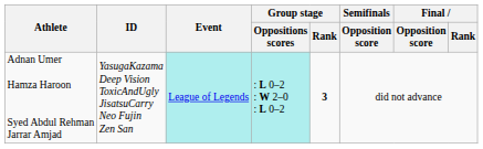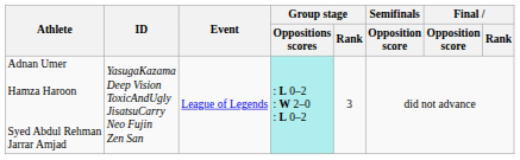 <table class=wikitable style="font-size:90%; text-align:center;">
 <tr>
 <th rowspan=2>Athlete</th>
 <th rowspan=2>ID</th>
 <th rowspan=2>Event</th>
 <th colspan=2>Group stage</th>
 <th>Semifinals</th>
 <th colspan=2>Final / </th>
 </tr>
 <tr>
 <th>Oppositions<br> scores</th>
 <th>Rank</th>
 <th>Opposition<br> score</th>
 <th>Opposition<br> score</th>
 <th>Rank</th>
 </tr>
 <tr>
 <td align=left>Adnan Umer<br><br>Hamza Haroon<br><br><br>Syed Abdul Rehman<br>Jarrar Amjad<br></td>
 <td align=left><em>YasugaKazama<br>Deep Vision<br>ToxicAndUgly<br>JisatsuCarry<br>Neo Fujin<br>Zen San</em></td>
-<td align=left style="background: paleturquoise;"><a href='#'>League of Legends</a></td>
+<td align=left><a href='#'>League of Legends</a></td>
 <td align=left style="background: paleturquoise;">: <strong>L</strong> 0–2<br>: <strong>W</strong> 2–0<br>: <strong>L</strong> 0–2</td>
-<td><strong>3</strong></td>
+<td>3</td>
 <td colspan=3>did not advance</td>
 </tr>
 </table>
